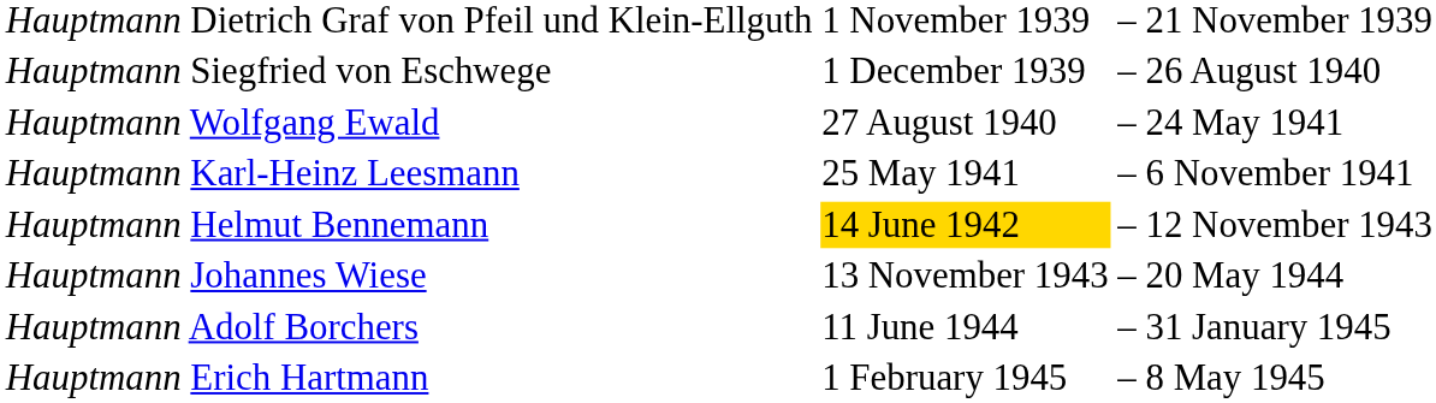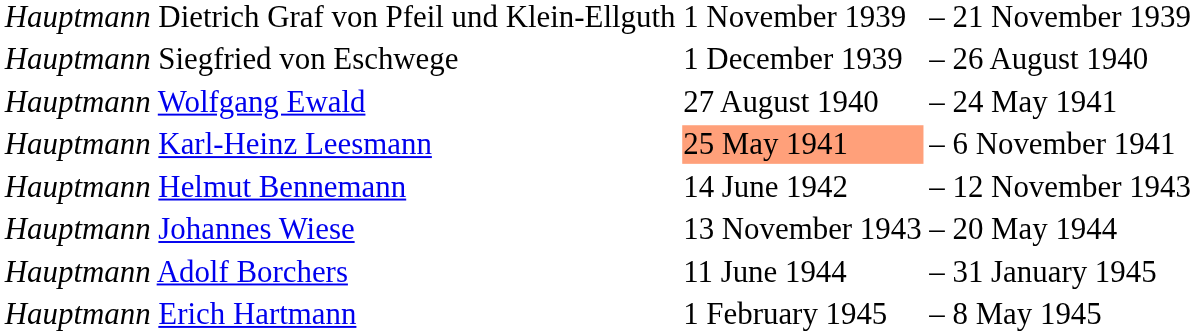 <table>
 <tr>
 <td><em>Hauptmann</em> Dietrich Graf von Pfeil und Klein-Ellguth</td>
 <td>1 November 1939</td>
 <td>–</td>
 <td>21 November 1939</td>
 </tr>
 <tr>
 <td><em>Hauptmann</em> Siegfried von Eschwege</td>
 <td>1 December 1939</td>
 <td>–</td>
 <td>26 August 1940</td>
 </tr>
 <tr>
 <td><em>Hauptmann</em> <a href='#'>Wolfgang Ewald</a></td>
 <td>27 August 1940</td>
 <td>–</td>
 <td>24 May 1941</td>
 </tr>
 <tr>
 <td><em>Hauptmann</em> <a href='#'>Karl-Heinz Leesmann</a></td>
-<td>25 May 1941</td>
+<td style="background: lightsalmon;">25 May 1941</td>
 <td>–</td>
 <td>6 November 1941</td>
 </tr>
 <tr>
 <td><em>Hauptmann</em> <a href='#'>Helmut Bennemann</a></td>
-<td style="background: gold;">14 June 1942</td>
+<td>14 June 1942</td>
 <td>–</td>
 <td>12 November 1943</td>
 </tr>
 <tr>
 <td><em>Hauptmann</em> <a href='#'>Johannes Wiese</a></td>
 <td>13 November 1943</td>
 <td>–</td>
 <td>20 May 1944</td>
 </tr>
 <tr>
 <td><em>Hauptmann</em> <a href='#'>Adolf Borchers</a></td>
 <td>11 June 1944</td>
 <td>–</td>
 <td>31 January 1945</td>
 </tr>
 <tr>
 <td><em>Hauptmann</em> <a href='#'>Erich Hartmann</a></td>
 <td>1 February 1945</td>
 <td>–</td>
 <td>8 May 1945</td>
 </tr>
 </table>
